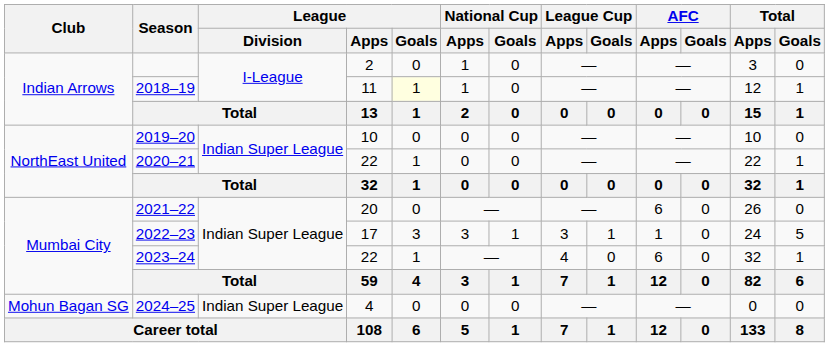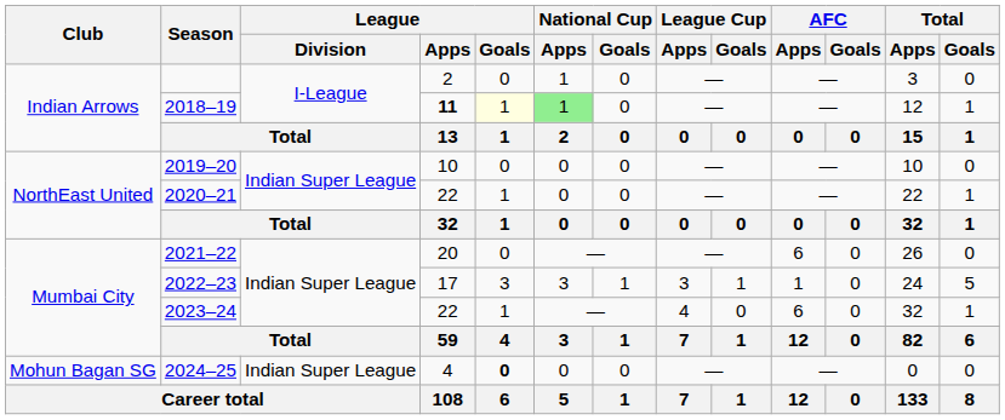 <table class="wikitable" style="text-align: center">
 <tr>
 <th rowspan="2">Club</th>
 <th rowspan="2">Season</th>
 <th colspan="3">League</th>
 <th colspan="2">National Cup</th>
 <th colspan="2">League Cup</th>
 <th colspan="2"><a href='#'>AFC</a></th>
 <th colspan="2">Total</th>
 </tr>
 <tr>
 <th>Division</th>
 <th>Apps</th>
 <th>Goals</th>
 <th>Apps</th>
 <th>Goals</th>
 <th>Apps</th>
 <th>Goals</th>
 <th>Apps</th>
 <th>Goals</th>
 <th>Apps</th>
 <th>Goals</th>
 </tr>
 <tr>
 <td rowspan="3"><a href='#'>Indian Arrows</a></td>
 <td></td>
 <td rowspan="2"><a href='#'>I-League</a></td>
 <td>2</td>
 <td>0</td>
 <td>1</td>
 <td>0</td>
 <td colspan="2">—</td>
 <td colspan="2">—</td>
 <td>3</td>
 <td>0</td>
 </tr>
 <tr>
 <td><a href='#'>2018–19</a></td>
-<td>11</td>
+<td><strong>11</strong></td>
 <td style="background: lightyellow;">1</td>
-<td>1</td>
+<td style="background: lightgreen;">1</td>
 <td>0</td>
 <td colspan="2">—</td>
 <td colspan="2">—</td>
 <td>12</td>
 <td>1</td>
 </tr>
 <tr>
 <th colspan="2">Total</th>
 <th>13</th>
 <th>1</th>
 <th>2</th>
 <th>0</th>
 <th>0</th>
 <th>0</th>
 <th>0</th>
 <th>0</th>
 <th>15</th>
 <th>1</th>
 </tr>
 <tr>
 <td rowspan="3"><a href='#'>NorthEast United</a></td>
 <td><a href='#'>2019–20</a></td>
 <td rowspan="2"><a href='#'>Indian Super League</a></td>
 <td>10</td>
 <td>0</td>
 <td>0</td>
 <td>0</td>
 <td colspan="2">—</td>
 <td colspan="2">—</td>
 <td>10</td>
 <td>0</td>
 </tr>
 <tr>
 <td><a href='#'>2020–21</a></td>
 <td>22</td>
 <td>1</td>
 <td>0</td>
 <td>0</td>
 <td colspan="2">—</td>
 <td colspan="2">—</td>
 <td>22</td>
 <td>1</td>
 </tr>
 <tr>
 <th colspan="2">Total</th>
 <th>32</th>
 <th>1</th>
 <th>0</th>
 <th>0</th>
 <th>0</th>
 <th>0</th>
 <th>0</th>
 <th>0</th>
 <th>32</th>
 <th>1</th>
 </tr>
 <tr>
 <td rowspan="4"><a href='#'>Mumbai City</a></td>
 <td><a href='#'>2021–22</a></td>
 <td rowspan="3">Indian Super League</td>
 <td>20</td>
 <td>0</td>
 <td colspan="2">—</td>
 <td colspan="2">—</td>
 <td>6</td>
 <td>0</td>
 <td>26</td>
 <td>0</td>
 </tr>
 <tr>
 <td><a href='#'>2022–23</a></td>
 <td>17</td>
 <td>3</td>
 <td>3</td>
 <td>1</td>
 <td>3</td>
 <td>1</td>
 <td>1</td>
 <td>0</td>
 <td>24</td>
 <td>5</td>
 </tr>
 <tr>
 <td><a href='#'>2023–24</a></td>
 <td>22</td>
 <td>1</td>
 <td colspan="2">—</td>
 <td>4</td>
 <td>0</td>
 <td>6</td>
 <td>0</td>
 <td>32</td>
 <td>1</td>
 </tr>
 <tr>
 <th colspan="2">Total</th>
 <th>59</th>
 <th>4</th>
 <th>3</th>
 <th>1</th>
 <th>7</th>
 <th>1</th>
 <th>12</th>
 <th>0</th>
 <th>82</th>
 <th>6</th>
 </tr>
 <tr>
 <td rowspan="1"><a href='#'>Mohun Bagan SG</a></td>
 <td><a href='#'>2024–25</a></td>
 <td>Indian Super League</td>
 <td>4</td>
-<td>0</td>
+<td><strong>0</strong></td>
 <td>0</td>
 <td>0</td>
 <td colspan="2">—</td>
 <td colspan="2">—</td>
 <td>0</td>
 <td>0</td>
 </tr>
 <tr>
 <th colspan="3">Career total</th>
 <th>108</th>
 <th>6</th>
 <th>5</th>
 <th>1</th>
 <th>7</th>
 <th>1</th>
 <th>12</th>
 <th>0</th>
 <th>133</th>
 <th>8</th>
 </tr>
 </table>
